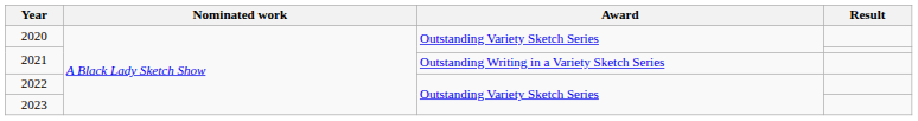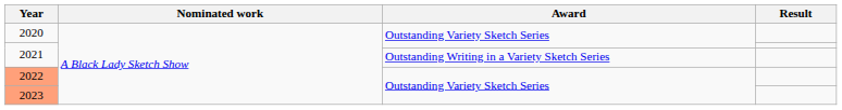 <table class="wikitable" style="width:70%;">
 <tr>
 <th style="width:3%;">Year</th>
 <th style="width:20%;">Nominated work</th>
 <th style="width:23%;">Award</th>
 <th style="width:5%;">Result</th>
 </tr>
 <tr>
 <td align="center">2020</td>
 <td rowspan=5><em><a href='#'>A Black Lady Sketch Show</a></em></td>
 <td rowspan=2><a href='#'>Outstanding Variety Sketch Series</a></td>
 <td></td>
 </tr>
 <tr>
 <td align="center" rowspan=2>2021</td>
 <td></td>
 </tr>
 <tr>
 <td><a href='#'>Outstanding Writing in a Variety Sketch Series</a></td>
 <td></td>
 </tr>
 <tr>
-<td align="center">2022</td>
+<td align="center" style="background: lightsalmon;">2022</td>
 <td rowspan=2><a href='#'>Outstanding Variety Sketch Series</a></td>
 <td></td>
 </tr>
 <tr>
-<td align="center">2023</td>
+<td align="center" style="background: lightsalmon;">2023</td>
 <td></td>
 </tr>
 </table>
